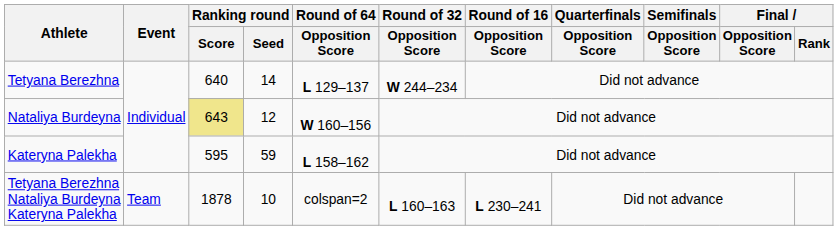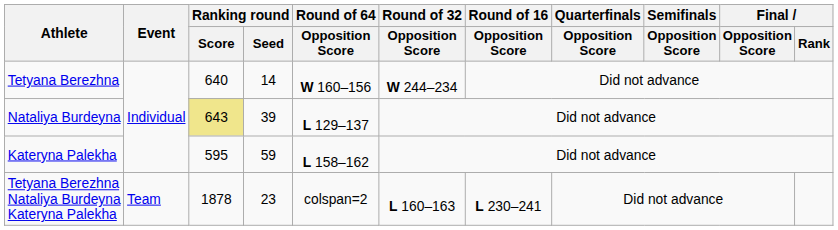 <table class="wikitable" style="font-size:90%">
 <tr>
 <th rowspan="2">Athlete</th>
 <th rowspan="2">Event</th>
 <th colspan="2">Ranking round</th>
 <th>Round of 64</th>
 <th>Round of 32</th>
 <th>Round of 16</th>
 <th>Quarterfinals</th>
 <th>Semifinals</th>
 <th colspan="2">Final / </th>
 </tr>
 <tr style="font-size:95%">
 <th>Score</th>
 <th>Seed</th>
 <th>Opposition<br>Score</th>
 <th>Opposition<br>Score</th>
 <th>Opposition<br>Score</th>
 <th>Opposition<br>Score</th>
 <th>Opposition<br>Score</th>
 <th>Opposition<br>Score</th>
 <th>Rank</th>
 </tr>
 <tr align=center>
 <td align=left><a href='#'>Tetyana Berezhna</a></td>
 <td align=left rowspan=3><a href='#'>Individual</a></td>
 <td>640</td>
 <td>14</td>
-<td><br><strong>L</strong> 129–137</td>
+<td><br><strong>W</strong> 160–156</td>
 <td><br><strong>W</strong> 244–234</td>
 <td colspan=5>Did not advance</td>
 </tr>
 <tr align=center>
 <td align=left><a href='#'>Nataliya Burdeyna</a></td>
 <td style="background: khaki;">643</td>
-<td>12</td>
-<td><br><strong>W</strong> 160–156</td>
+<td>39</td>
+<td><br><strong>L</strong> 129–137</td>
 <td colspan=6>Did not advance</td>
 </tr>
 <tr align=center>
 <td align=left><a href='#'>Kateryna Palekha</a></td>
 <td>595</td>
 <td>59</td>
 <td><br><strong>L</strong> 158–162</td>
 <td colspan=6>Did not advance</td>
 </tr>
 <tr align=center>
 <td align=left><a href='#'>Tetyana Berezhna</a><br><a href='#'>Nataliya Burdeyna</a><br><a href='#'>Kateryna Palekha</a></td>
 <td align=left><a href='#'>Team</a></td>
 <td>1878</td>
-<td>10</td>
+<td>23</td>
 <td>colspan=2 </td>
 <td><br><strong>L</strong> 160–163</td>
 <td><br><strong>L</strong> 230–241</td>
 <td colspan=3>Did not advance</td>
 </tr>
 </table>
